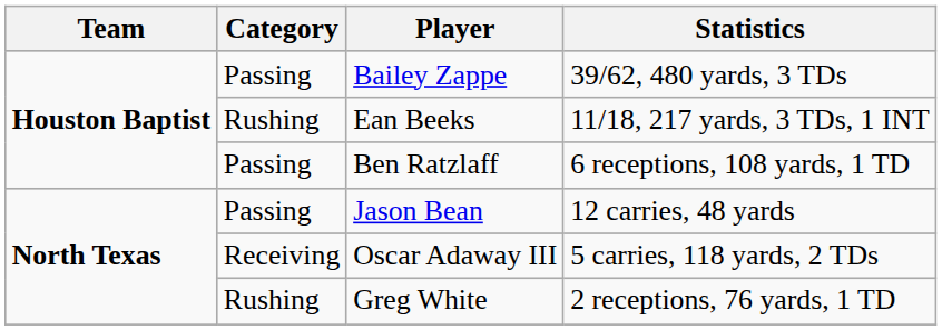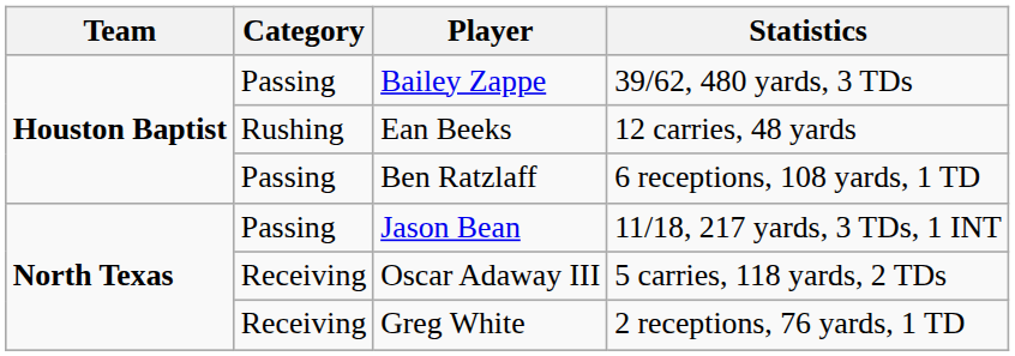 <table class="wikitable" style="float: left;">
 <tr>
 <th>Team</th>
 <th>Category</th>
 <th>Player</th>
 <th>Statistics</th>
 </tr>
 <tr>
 <td rowspan=3><strong>Houston Baptist</strong></td>
 <td>Passing</td>
 <td><a href='#'>Bailey Zappe</a></td>
 <td>39/62, 480 yards, 3 TDs</td>
 </tr>
 <tr>
 <td>Rushing</td>
 <td>Ean Beeks</td>
-<td>11/18, 217 yards, 3 TDs, 1 INT</td>
+<td>12 carries, 48 yards</td>
 </tr>
 <tr>
 <td>Passing</td>
 <td>Ben Ratzlaff</td>
 <td>6 receptions, 108 yards, 1 TD</td>
 </tr>
 <tr>
 <td rowspan=3><strong>North Texas</strong></td>
 <td>Passing</td>
 <td><a href='#'>Jason Bean</a></td>
-<td>12 carries, 48 yards</td>
+<td>11/18, 217 yards, 3 TDs, 1 INT</td>
 </tr>
 <tr>
 <td>Receiving</td>
 <td>Oscar Adaway III</td>
 <td>5 carries, 118 yards, 2 TDs</td>
 </tr>
 <tr>
-<td>Rushing</td>
+<td>Receiving</td>
 <td>Greg White</td>
 <td>2 receptions, 76 yards, 1 TD</td>
 </tr>
 </table>
